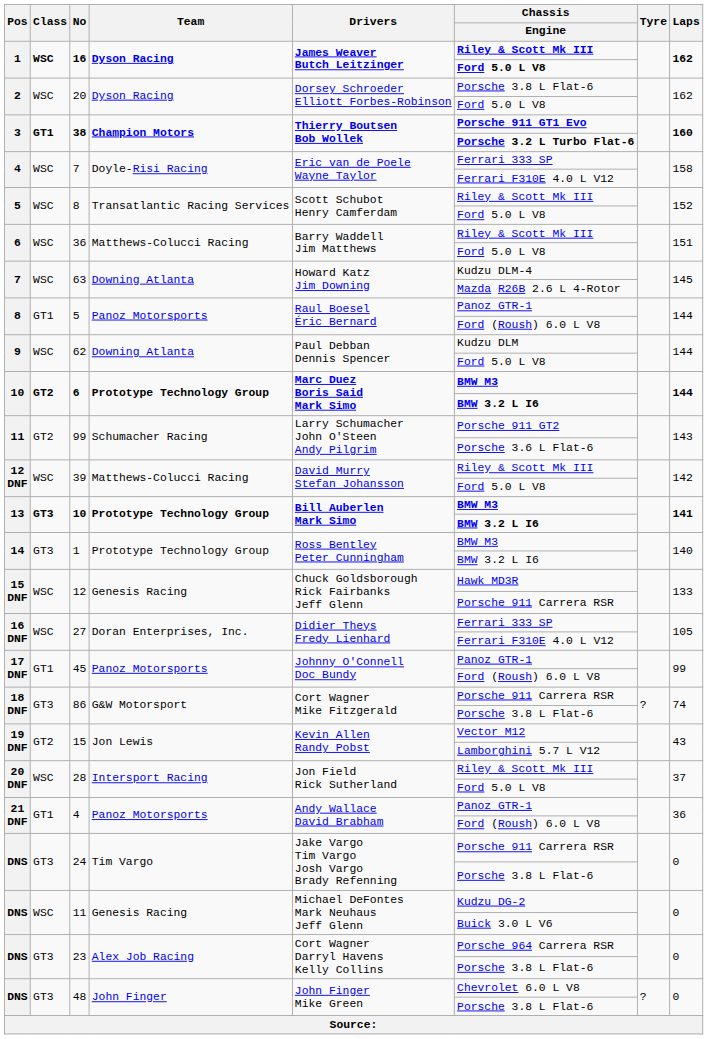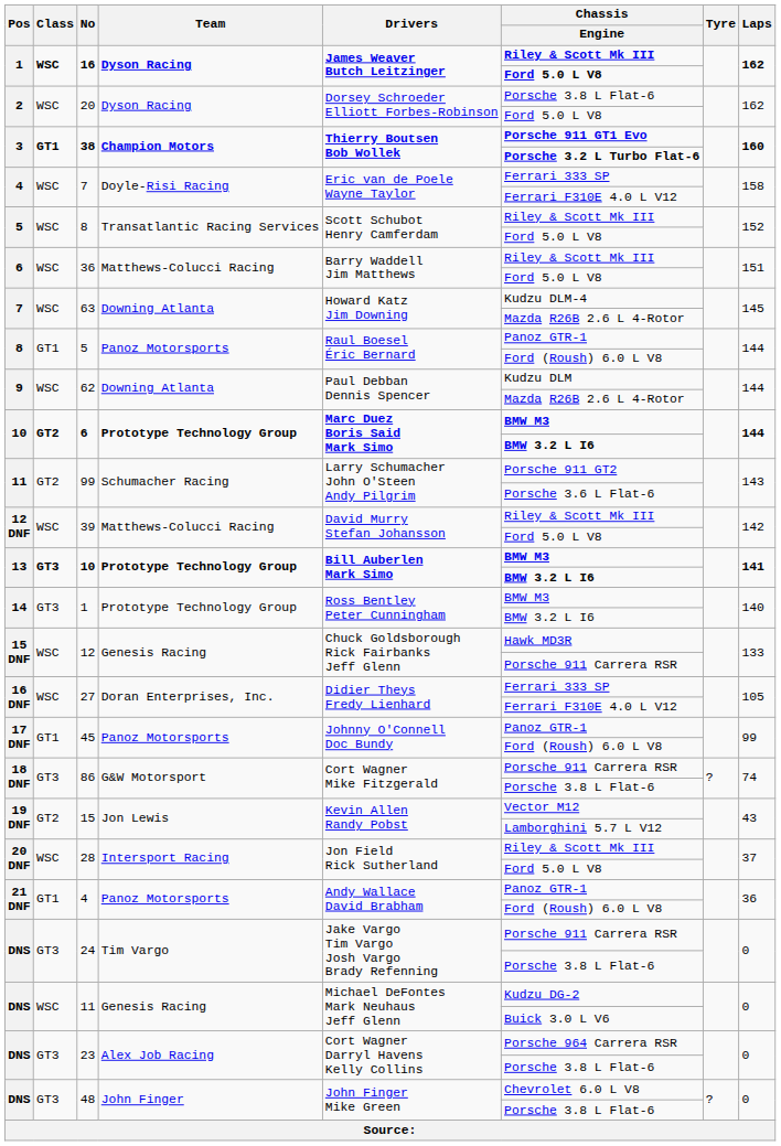 <table class="wikitable" style="font-size: 95%;">
 <tr>
 <th rowspan=2>Pos</th>
 <th rowspan=2>Class</th>
 <th rowspan=2>No</th>
 <th rowspan=2>Team</th>
 <th rowspan=2>Drivers</th>
 <th>Chassis</th>
 <th rowspan=2>Tyre</th>
 <th rowspan=2>Laps</th>
 </tr>
 <tr>
 <th>Engine</th>
 </tr>
 <tr>
 <th rowspan=2>1</th>
 <td rowspan=2><strong>WSC</strong></td>
 <td rowspan=2><strong>16</strong></td>
 <td rowspan=2><strong> <a href='#'>Dyson Racing</a></strong></td>
 <td rowspan=2><strong> <a href='#'>James Weaver</a><br> <a href='#'>Butch Leitzinger</a></strong></td>
 <td><strong><a href='#'>Riley & Scott Mk III</a></strong></td>
 <td rowspan=2></td>
 <td rowspan=2><strong>162</strong></td>
 </tr>
 <tr>
 <td><strong><a href='#'>Ford</a> 5.0 L V8</strong></td>
 </tr>
 <tr>
 <th rowspan=2>2</th>
 <td rowspan=2>WSC</td>
 <td rowspan=2>20</td>
 <td rowspan=2> <a href='#'>Dyson Racing</a></td>
 <td rowspan=2> <a href='#'>Dorsey Schroeder</a><br> <a href='#'>Elliott Forbes-Robinson</a></td>
 <td><a href='#'>Porsche</a> 3.8 L Flat-6</td>
 <td rowspan=2></td>
 <td rowspan=2>162</td>
 </tr>
 <tr>
 <td><a href='#'>Ford</a> 5.0 L V8</td>
 </tr>
 <tr>
 <th rowspan=2>3</th>
 <td rowspan=2><strong>GT1</strong></td>
 <td rowspan=2><strong>38</strong></td>
 <td rowspan=2><strong> <a href='#'>Champion Motors</a></strong></td>
 <td rowspan=2><strong> <a href='#'>Thierry Boutsen</a><br> <a href='#'>Bob Wollek</a></strong></td>
 <td><strong><a href='#'>Porsche 911 GT1 Evo</a></strong></td>
 <td rowspan=2></td>
 <td rowspan=2><strong>160</strong></td>
 </tr>
 <tr>
 <td><strong><a href='#'>Porsche</a> 3.2 L Turbo Flat-6</strong></td>
 </tr>
 <tr>
 <th rowspan=2>4</th>
 <td rowspan=2>WSC</td>
 <td rowspan=2>7</td>
 <td rowspan=2> Doyle-<a href='#'>Risi Racing</a></td>
 <td rowspan=2> <a href='#'>Eric van de Poele</a><br> <a href='#'>Wayne Taylor</a></td>
 <td><a href='#'>Ferrari 333 SP</a></td>
 <td rowspan=2></td>
 <td rowspan=2>158</td>
 </tr>
 <tr>
 <td><a href='#'>Ferrari F310E</a> 4.0 L V12</td>
 </tr>
 <tr>
 <th rowspan=2>5</th>
 <td rowspan=2>WSC</td>
 <td rowspan=2>8</td>
 <td rowspan=2> Transatlantic Racing Services</td>
 <td rowspan=2> Scott Schubot<br> Henry Camferdam</td>
 <td><a href='#'>Riley & Scott Mk III</a></td>
 <td rowspan=2></td>
 <td rowspan=2>152</td>
 </tr>
 <tr>
 <td><a href='#'>Ford</a> 5.0 L V8</td>
 </tr>
 <tr>
 <th rowspan=2>6</th>
 <td rowspan=2>WSC</td>
 <td rowspan=2>36</td>
 <td rowspan=2> Matthews-Colucci Racing</td>
 <td rowspan=2> Barry Waddell<br> Jim Matthews</td>
 <td><a href='#'>Riley & Scott Mk III</a></td>
 <td rowspan=2></td>
 <td rowspan=2>151</td>
 </tr>
 <tr>
 <td><a href='#'>Ford</a> 5.0 L V8</td>
 </tr>
 <tr>
 <th rowspan=2>7</th>
 <td rowspan=2>WSC</td>
 <td rowspan=2>63</td>
 <td rowspan=2> <a href='#'>Downing Atlanta</a></td>
 <td rowspan=2> Howard Katz<br> <a href='#'>Jim Downing</a></td>
 <td>Kudzu DLM-4</td>
 <td rowspan=2></td>
 <td rowspan=2>145</td>
 </tr>
 <tr>
 <td><a href='#'>Mazda</a> <a href='#'>R26B</a> 2.6 L 4-Rotor</td>
 </tr>
 <tr>
 <th rowspan=2>8</th>
 <td rowspan=2>GT1</td>
 <td rowspan=2>5</td>
 <td rowspan=2> <a href='#'>Panoz Motorsports</a></td>
 <td rowspan=2> <a href='#'>Raul Boesel</a><br> <a href='#'>Éric Bernard</a></td>
 <td><a href='#'>Panoz GTR-1</a></td>
 <td rowspan=2></td>
 <td rowspan=2>144</td>
 </tr>
 <tr>
 <td><a href='#'>Ford</a> (<a href='#'>Roush</a>) 6.0 L V8</td>
 </tr>
 <tr>
 <th rowspan=2>9</th>
 <td rowspan=2>WSC</td>
 <td rowspan=2>62</td>
 <td rowspan=2> <a href='#'>Downing Atlanta</a></td>
 <td rowspan=2> Paul Debban<br> Dennis Spencer</td>
 <td>Kudzu DLM</td>
 <td rowspan=2></td>
 <td rowspan=2>144</td>
 </tr>
 <tr>
-<td><a href='#'>Ford</a> 5.0 L V8</td>
+<td><a href='#'>Mazda</a> <a href='#'>R26B</a> 2.6 L 4-Rotor</td>
 </tr>
 <tr>
 <th rowspan=2>10</th>
 <td rowspan=2><strong>GT2</strong></td>
 <td rowspan=2><strong>6</strong></td>
 <td rowspan=2><strong> Prototype Technology Group</strong></td>
 <td rowspan=2><strong> <a href='#'>Marc Duez</a><br> <a href='#'>Boris Said</a><br> <a href='#'>Mark Simo</a></strong></td>
 <td><strong><a href='#'>BMW M3</a></strong></td>
 <td rowspan=2></td>
 <td rowspan=2><strong>144</strong></td>
 </tr>
 <tr>
 <td><strong><a href='#'>BMW</a> 3.2 L I6</strong></td>
 </tr>
 <tr>
 <th rowspan=2>11</th>
 <td rowspan=2>GT2</td>
 <td rowspan=2>99</td>
 <td rowspan=2> Schumacher Racing</td>
 <td rowspan=2> Larry Schumacher<br> John O'Steen<br> <a href='#'>Andy Pilgrim</a></td>
 <td><a href='#'>Porsche 911 GT2</a></td>
 <td rowspan=2></td>
 <td rowspan=2>143</td>
 </tr>
 <tr>
 <td><a href='#'>Porsche</a> 3.6 L Flat-6</td>
 </tr>
 <tr>
 <th rowspan=2>12<br>DNF</th>
 <td rowspan=2>WSC</td>
 <td rowspan=2>39</td>
 <td rowspan=2> Matthews-Colucci Racing</td>
 <td rowspan=2> <a href='#'>David Murry</a><br> <a href='#'>Stefan Johansson</a></td>
 <td><a href='#'>Riley & Scott Mk III</a></td>
 <td rowspan=2></td>
 <td rowspan=2>142</td>
 </tr>
 <tr>
 <td><a href='#'>Ford</a> 5.0 L V8</td>
 </tr>
 <tr>
 <th rowspan=2>13</th>
 <td rowspan=2><strong>GT3</strong></td>
 <td rowspan=2><strong>10</strong></td>
 <td rowspan=2><strong> Prototype Technology Group</strong></td>
 <td rowspan=2><strong> <a href='#'>Bill Auberlen</a><br> <a href='#'>Mark Simo</a></strong></td>
 <td><strong><a href='#'>BMW M3</a></strong></td>
 <td rowspan=2></td>
 <td rowspan=2><strong>141</strong></td>
 </tr>
 <tr>
 <td><strong><a href='#'>BMW</a> 3.2 L I6</strong></td>
 </tr>
 <tr>
 <th rowspan=2>14</th>
 <td rowspan=2>GT3</td>
 <td rowspan=2>1</td>
 <td rowspan=2> Prototype Technology Group</td>
 <td rowspan=2> <a href='#'>Ross Bentley</a><br> <a href='#'>Peter Cunningham</a></td>
 <td><a href='#'>BMW M3</a></td>
 <td rowspan=2></td>
 <td rowspan=2>140</td>
 </tr>
 <tr>
 <td><a href='#'>BMW</a> 3.2 L I6</td>
 </tr>
 <tr>
 <th rowspan=2>15<br>DNF</th>
 <td rowspan=2>WSC</td>
 <td rowspan=2>12</td>
 <td rowspan=2> Genesis Racing</td>
 <td rowspan=2> Chuck Goldsborough<br> Rick Fairbanks<br> Jeff Glenn</td>
 <td><a href='#'>Hawk MD3R</a></td>
 <td rowspan=2></td>
 <td rowspan=2>133</td>
 </tr>
 <tr>
 <td><a href='#'>Porsche 911</a> Carrera RSR</td>
 </tr>
 <tr>
 <th rowspan=2>16<br>DNF</th>
 <td rowspan=2>WSC</td>
 <td rowspan=2>27</td>
 <td rowspan=2> Doran Enterprises, Inc.</td>
 <td rowspan=2> <a href='#'>Didier Theys</a><br> <a href='#'>Fredy Lienhard</a></td>
 <td><a href='#'>Ferrari 333 SP</a></td>
 <td rowspan=2></td>
 <td rowspan=2>105</td>
 </tr>
 <tr>
 <td><a href='#'>Ferrari F310E</a>  4.0 L V12</td>
 </tr>
 <tr>
 <th rowspan=2>17<br>DNF</th>
 <td rowspan=2>GT1</td>
 <td rowspan=2>45</td>
 <td rowspan=2> <a href='#'>Panoz Motorsports</a></td>
 <td rowspan=2> <a href='#'>Johnny O'Connell</a><br> <a href='#'>Doc Bundy</a></td>
 <td><a href='#'>Panoz GTR-1</a></td>
 <td rowspan=2></td>
 <td rowspan=2>99</td>
 </tr>
 <tr>
 <td><a href='#'>Ford</a> (<a href='#'>Roush</a>) 6.0 L V8</td>
 </tr>
 <tr>
 <th rowspan=2>18<br>DNF</th>
 <td rowspan=2>GT3</td>
 <td rowspan=2>86</td>
 <td rowspan=2> G&W Motorsport</td>
 <td rowspan=2> Cort Wagner<br> Mike Fitzgerald</td>
 <td><a href='#'>Porsche 911</a> Carrera RSR</td>
 <td rowspan=2>?</td>
 <td rowspan=2>74</td>
 </tr>
 <tr>
 <td><a href='#'>Porsche</a> 3.8 L Flat-6</td>
 </tr>
 <tr>
 <th rowspan=2>19<br>DNF</th>
 <td rowspan=2>GT2</td>
 <td rowspan=2>15</td>
 <td rowspan=2> Jon Lewis</td>
 <td rowspan=2> <a href='#'>Kevin Allen</a><br> <a href='#'>Randy Pobst</a></td>
 <td><a href='#'>Vector M12</a></td>
 <td rowspan=2></td>
 <td rowspan=2>43</td>
 </tr>
 <tr>
 <td><a href='#'>Lamborghini</a> 5.7 L V12</td>
 </tr>
 <tr>
 <th rowspan=2>20<br>DNF</th>
 <td rowspan=2>WSC</td>
 <td rowspan=2>28</td>
 <td rowspan=2> <a href='#'>Intersport Racing</a></td>
 <td rowspan=2> Jon Field<br> Rick Sutherland</td>
 <td><a href='#'>Riley & Scott Mk III</a></td>
 <td rowspan=2></td>
 <td rowspan=2>37</td>
 </tr>
 <tr>
 <td><a href='#'>Ford</a> 5.0 L V8</td>
 </tr>
 <tr>
 <th rowspan=2>21<br>DNF</th>
 <td rowspan=2>GT1</td>
 <td rowspan=2>4</td>
 <td rowspan=2> <a href='#'>Panoz Motorsports</a></td>
 <td rowspan=2> <a href='#'>Andy Wallace</a><br> <a href='#'>David Brabham</a></td>
 <td><a href='#'>Panoz GTR-1</a></td>
 <td rowspan=2></td>
 <td rowspan=2>36</td>
 </tr>
 <tr>
 <td><a href='#'>Ford</a> (<a href='#'>Roush</a>) 6.0 L V8</td>
 </tr>
 <tr>
 <th rowspan=2>DNS</th>
 <td rowspan=2>GT3</td>
 <td rowspan=2>24</td>
 <td rowspan=2> Tim Vargo</td>
 <td rowspan=2> Jake Vargo<br> Tim Vargo<br> Josh Vargo<br> Brady Refenning</td>
 <td><a href='#'>Porsche 911</a> Carrera RSR</td>
 <td rowspan=2></td>
 <td rowspan=2>0</td>
 </tr>
 <tr>
 <td><a href='#'>Porsche</a> 3.8 L Flat-6</td>
 </tr>
 <tr>
 <th rowspan=2>DNS</th>
 <td rowspan=2>WSC</td>
 <td rowspan=2>11</td>
 <td rowspan=2> Genesis Racing</td>
 <td rowspan=2> Michael DeFontes<br> Mark Neuhaus<br> Jeff Glenn</td>
 <td><a href='#'>Kudzu DG-2</a></td>
 <td rowspan=2></td>
 <td rowspan=2>0</td>
 </tr>
 <tr>
 <td><a href='#'>Buick</a> 3.0 L V6</td>
 </tr>
 <tr>
 <th rowspan=2>DNS</th>
 <td rowspan=2>GT3</td>
 <td rowspan=2>23</td>
 <td rowspan=2> <a href='#'>Alex Job Racing</a></td>
 <td rowspan=2> Cort Wagner<br> Darryl Havens<br> Kelly Collins</td>
 <td><a href='#'>Porsche 964</a> Carrera RSR</td>
 <td rowspan=2></td>
 <td rowspan=2>0</td>
 </tr>
 <tr>
 <td><a href='#'>Porsche</a> 3.8 L Flat-6</td>
 </tr>
 <tr>
 <th rowspan=2>DNS</th>
 <td rowspan=2>GT3</td>
 <td rowspan=2>48</td>
 <td rowspan=2> <a href='#'>John Finger</a></td>
 <td rowspan=2> <a href='#'>John Finger</a><br> Mike Green</td>
 <td><a href='#'>Chevrolet</a> 6.0 L V8</td>
 <td rowspan=2>?</td>
 <td rowspan=2>0</td>
 </tr>
 <tr>
 <td><a href='#'>Porsche</a> 3.8 L Flat-6</td>
 </tr>
 <tr>
 <th colspan="8">Source:</th>
 </tr>
 </table>
